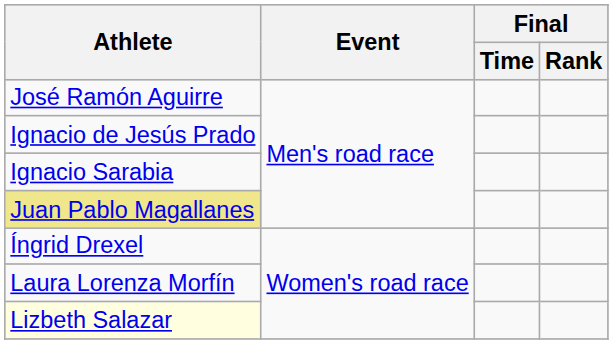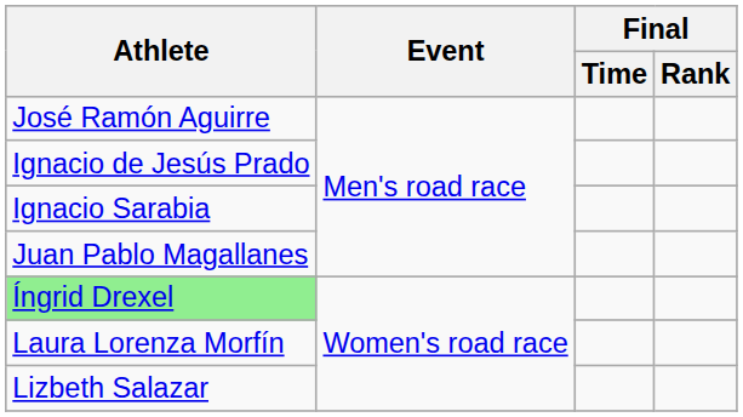 <table class="wikitable" border="1" style="font-size:90%">
 <tr>
 <th rowspan=2>Athlete</th>
 <th rowspan=2>Event</th>
 <th colspan=2>Final</th>
 </tr>
 <tr>
 <th>Time</th>
 <th>Rank</th>
 </tr>
 <tr>
 <td><a href='#'>José Ramón Aguirre</a></td>
 <td align=left rowspan=4><a href='#'>Men's road race</a></td>
 <td align=center></td>
 <td align=center></td>
 </tr>
 <tr>
 <td><a href='#'>Ignacio de Jesús Prado</a></td>
 <td align=center></td>
 <td align=center></td>
 </tr>
 <tr>
 <td><a href='#'>Ignacio Sarabia</a></td>
 <td align=center></td>
 <td align=center></td>
 </tr>
 <tr>
-<td style="background: khaki;"><a href='#'>Juan Pablo Magallanes</a></td>
+<td><a href='#'>Juan Pablo Magallanes</a></td>
 <td align=center></td>
 <td align=center></td>
 </tr>
 <tr>
-<td><a href='#'>Íngrid Drexel</a></td>
+<td style="background: lightgreen;"><a href='#'>Íngrid Drexel</a></td>
 <td align=left rowspan=3><a href='#'>Women's road race</a></td>
 <td align=center></td>
 <td align=center></td>
 </tr>
 <tr>
 <td><a href='#'>Laura Lorenza Morfín</a></td>
 <td align=center></td>
 <td align=center></td>
 </tr>
 <tr>
-<td style="background: lightyellow;"><a href='#'>Lizbeth Salazar</a></td>
+<td><a href='#'>Lizbeth Salazar</a></td>
 <td align=center></td>
 <td align=center></td>
 </tr>
 </table>
